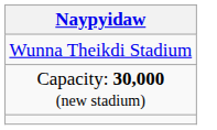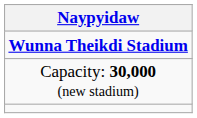 <table class="wikitable" style="text-align:center;">
 <tr>
 <th><a href='#'>Naypyidaw</a></th>
 </tr>
 <tr>
-<td><a href='#'>Wunna Theikdi Stadium</a></td>
+<td><strong><a href='#'>Wunna Theikdi Stadium</a></strong></td>
 </tr>
 <tr>
 <td>Capacity: <strong>30,000</strong><br><small>(new stadium)</small></td>
 </tr>
 <tr>
 <td></td>
 </tr>
 </table>
